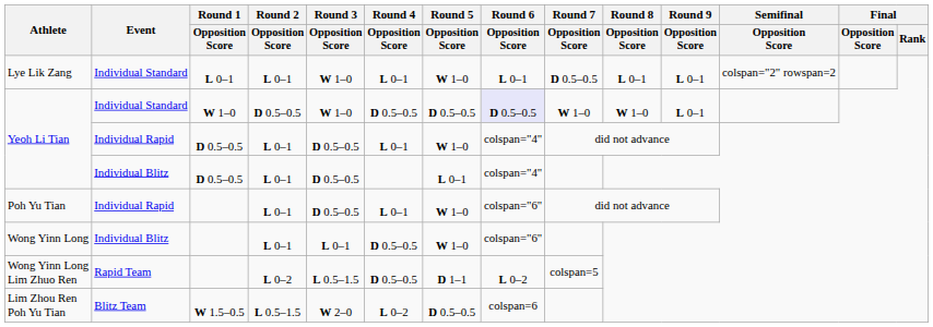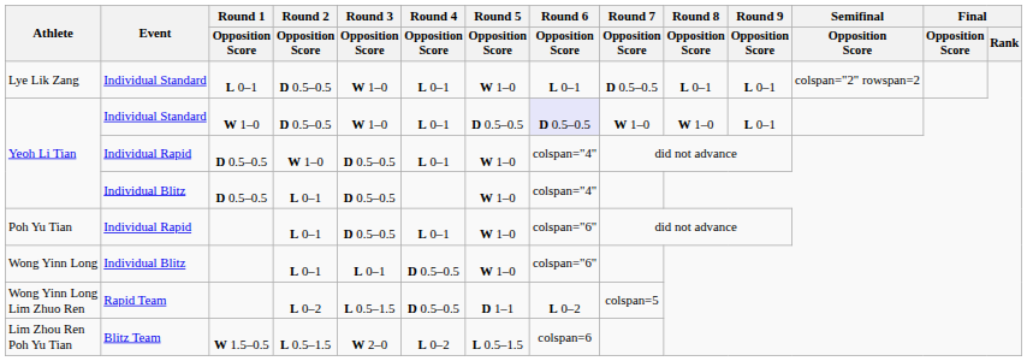 <table class="wikitable" style="font-size:90%">
 <tr>
 <th rowspan="2">Athlete</th>
 <th rowspan="2">Event</th>
 <th>Round 1</th>
 <th>Round 2</th>
 <th>Round 3</th>
 <th>Round 4</th>
 <th>Round 5</th>
 <th>Round 6</th>
 <th>Round 7</th>
 <th>Round 8</th>
 <th>Round 9</th>
 <th>Semifinal</th>
 <th colspan="2">Final</th>
 </tr>
 <tr style="font-size:95%", align="center">
 <th>Opposition<br>Score</th>
 <th>Opposition<br>Score</th>
 <th>Opposition<br>Score</th>
 <th>Opposition<br>Score</th>
 <th>Opposition<br>Score</th>
 <th>Opposition<br>Score</th>
 <th>Opposition<br>Score</th>
 <th>Opposition<br>Score</th>
 <th>Opposition<br>Score</th>
 <th>Opposition<br>Score</th>
 <th>Opposition<br>Score</th>
 <th>Rank</th>
 </tr>
 <tr align="center">
 <td align="left">Lye Lik Zang</td>
 <td align="left"><a href='#'>Individual Standard</a></td>
 <td><br><strong>L</strong> 0–1</td>
-<td><br><strong>L</strong> 0–1</td>
+<td><br><strong>D</strong> 0.5–0.5</td>
 <td><br><strong>W</strong> 1–0</td>
 <td><br><strong>L</strong> 0–1</td>
 <td><br><strong>W</strong> 1–0</td>
 <td><br><strong>L</strong> 0–1</td>
 <td><br><strong>D</strong> 0.5–0.5</td>
 <td><br><strong>L</strong> 0–1</td>
 <td><br><strong>L</strong> 0–1</td>
 <td>colspan="2" rowspan=2 </td>
 <td></td>
 </tr>
 <tr align="center">
 <td align="left" rowspan=3><a href='#'>Yeoh Li Tian</a></td>
 <td align="left"><a href='#'>Individual Standard</a></td>
 <td><br><strong>W</strong> 1–0</td>
 <td><br><strong>D</strong> 0.5–0.5</td>
 <td><br><strong>W</strong> 1–0</td>
-<td><br><strong>D</strong> 0.5–0.5</td>
+<td><br><strong>L</strong> 0–1</td>
 <td><br><strong>D</strong> 0.5–0.5</td>
 <td style="background: lavender;"><br><strong>D</strong> 0.5–0.5</td>
 <td><br><strong>W</strong> 1–0</td>
 <td><br><strong>W</strong> 1–0</td>
 <td><br><strong>L</strong> 0–1</td>
 <td></td>
 </tr>
 <tr align="center">
 <td align="left"><a href='#'>Individual Rapid</a></td>
 <td><br><strong>D</strong> 0.5–0.5</td>
-<td><br><strong>L</strong> 0–1</td>
+<td><br><strong>W</strong> 1–0</td>
 <td><br><strong>D</strong> 0.5–0.5</td>
 <td><br><strong>L</strong> 0–1</td>
 <td><br><strong>W</strong> 1–0</td>
 <td>colspan="4" </td>
 <td colspan="3">did not advance</td>
 </tr>
 <tr align="center">
 <td align="left"><a href='#'>Individual Blitz</a></td>
 <td><br><strong>D</strong> 0.5–0.5</td>
 <td><br><strong>L</strong> 0–1</td>
 <td><br><strong>D</strong> 0.5–0.5</td>
 <td></td>
-<td><br><strong>L</strong> 0–1</td>
+<td><br><strong>W</strong> 1–0</td>
 <td>colspan="4" </td>
 <td></td>
 </tr>
 <tr align="center">
 <td align="left">Poh Yu Tian</td>
 <td align="left"><a href='#'>Individual Rapid</a></td>
 <td></td>
 <td><br><strong>L</strong> 0–1</td>
 <td><br><strong>D</strong> 0.5–0.5</td>
 <td><br><strong>L</strong> 0–1</td>
 <td><br><strong>W</strong> 1–0</td>
 <td>colspan="6" </td>
 <td colspan="3">did not advance</td>
 </tr>
 <tr align="center">
 <td align="left">Wong Yinn Long</td>
 <td align="left"><a href='#'>Individual Blitz</a></td>
 <td></td>
 <td><br><strong>L</strong> 0–1</td>
 <td><br><strong>L</strong> 0–1</td>
 <td><br><strong>D</strong> 0.5–0.5</td>
 <td><br><strong>W</strong> 1–0</td>
 <td>colspan="6" </td>
 <td></td>
 </tr>
 <tr align="center">
 <td align="left">Wong Yinn Long<br>Lim Zhuo Ren</td>
 <td align="left"><a href='#'>Rapid Team</a></td>
 <td></td>
 <td><br><strong>L</strong> 0–2</td>
 <td><br><strong>L</strong> 0.5–1.5</td>
 <td><br><strong>D</strong> 0.5–0.5</td>
 <td><br><strong>D</strong> 1–1</td>
 <td><br><strong>L</strong> 0–2</td>
 <td>colspan=5 </td>
 </tr>
 <tr align="center">
 <td align="left">Lim Zhou Ren<br>Poh Yu Tian</td>
 <td align="left"><a href='#'>Blitz Team</a></td>
 <td><br><strong>W</strong> 1.5–0.5</td>
 <td><br><strong>L</strong> 0.5–1.5</td>
 <td><br><strong>W</strong> 2–0</td>
 <td><br><strong>L</strong> 0–2</td>
-<td><br><strong>D</strong> 0.5–0.5</td>
+<td><br><strong>L</strong> 0.5–1.5</td>
 <td>colspan=6 </td>
 <td></td>
 </tr>
 </table>
